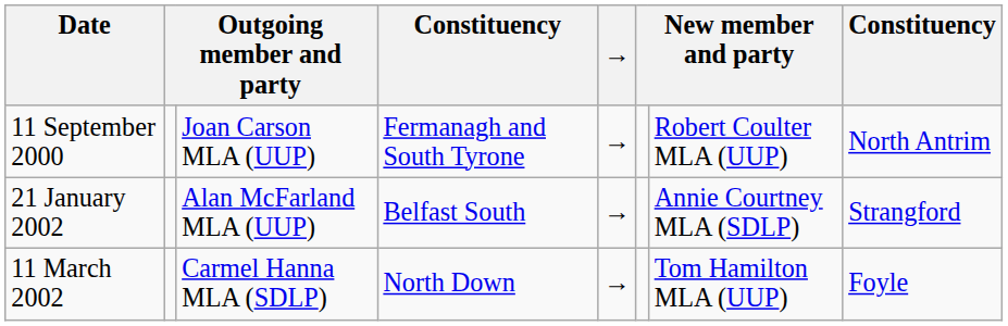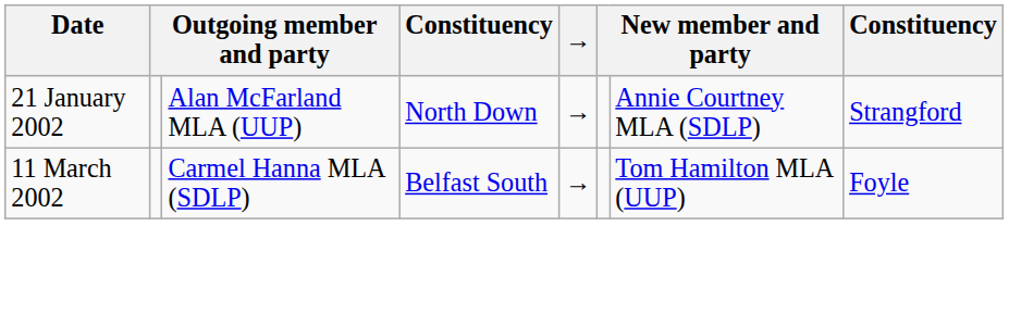 <table class="wikitable">
 <tr>
 <th valign="top">Date</th>
 <th colspan="2" valign="top">Outgoing member and party</th>
 <th valign="top">Constituency</th>
 <th>→</th>
 <th colspan="2" valign="top">New member and party</th>
 <th valign="top">Constituency</th>
 </tr>
 <tr>
-<td>11 September 2000</td>
-<td></td>
-<td><a href='#'>Joan Carson</a> MLA (<a href='#'>UUP</a>)</td>
-<td><a href='#'>Fermanagh and South Tyrone</a></td>
-<td>→</td>
-<td></td>
-<td><a href='#'>Robert Coulter</a> MLA (<a href='#'>UUP</a>)</td>
-<td><a href='#'>North Antrim</a></td>
-</tr>
-<tr>
 <td>21 January 2002</td>
 <td></td>
 <td><a href='#'>Alan McFarland</a> MLA (<a href='#'>UUP</a>)</td>
-<td><a href='#'>Belfast South</a></td>
+<td><a href='#'>North Down</a></td>
 <td>→</td>
 <td></td>
 <td><a href='#'>Annie Courtney</a> MLA (<a href='#'>SDLP</a>)</td>
 <td><a href='#'>Strangford</a></td>
 </tr>
 <tr>
 <td>11 March 2002</td>
 <td></td>
 <td><a href='#'>Carmel Hanna</a> MLA (<a href='#'>SDLP</a>)</td>
-<td><a href='#'>North Down</a></td>
+<td><a href='#'>Belfast South</a></td>
 <td>→</td>
 <td></td>
 <td><a href='#'>Tom Hamilton</a> MLA (<a href='#'>UUP</a>)</td>
 <td><a href='#'>Foyle</a></td>
 </tr>
 </table>
